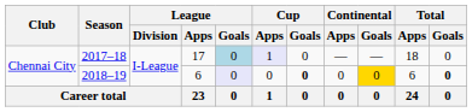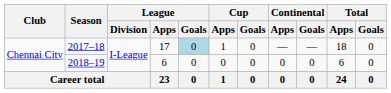 <table class="wikitable" style="text-align: center;">
 <tr>
 <th rowspan="2">Club</th>
 <th rowspan="2">Season</th>
 <th colspan="3">League</th>
 <th colspan="2">Cup</th>
 <th colspan="2">Continental</th>
 <th colspan="2">Total</th>
 </tr>
 <tr>
 <th>Division</th>
 <th>Apps</th>
 <th>Goals</th>
 <th>Apps</th>
 <th>Goals</th>
 <th>Apps</th>
 <th>Goals</th>
 <th>Apps</th>
 <th>Goals</th>
 </tr>
 <tr>
 <td rowspan="2"><a href='#'>Chennai City</a></td>
 <td><a href='#'>2017–18</a></td>
 <td rowspan="2"><a href='#'>I-League</a></td>
 <td>17</td>
 <td style="background: lightblue;">0</td>
-<td style="background: lavender;">1</td>
+<td>1</td>
 <td>0</td>
 <td>—</td>
 <td>—</td>
 <td>18</td>
 <td>0</td>
 </tr>
 <tr>
 <td><a href='#'>2018–19</a></td>
 <td>6</td>
-<td style="background: lavender;">0</td>
 <td>0</td>
-<td><strong>0</strong></td>
 <td>0</td>
-<td style="background: gold;">0</td>
+<td>0</td>
+<td>0</td>
+<td>0</td>
 <td>6</td>
-<td><strong>0</strong></td>
+<td>0</td>
 </tr>
 <tr>
 <th colspan="3">Career total</th>
 <th>23</th>
 <th>0</th>
 <th>1</th>
 <th>0</th>
 <th>0</th>
 <th>0</th>
 <th>24</th>
 <th>0</th>
 </tr>
 </table>
